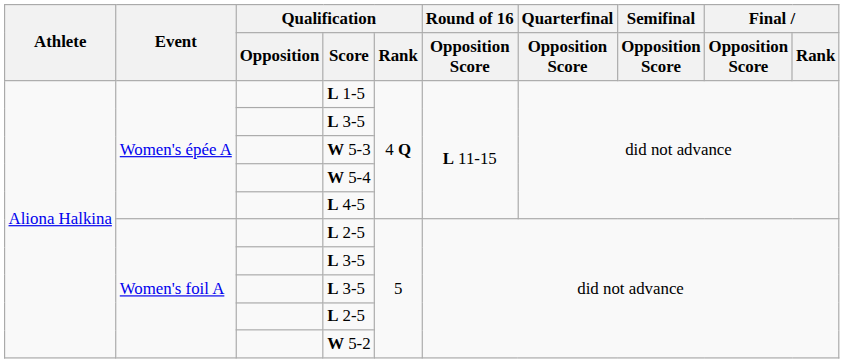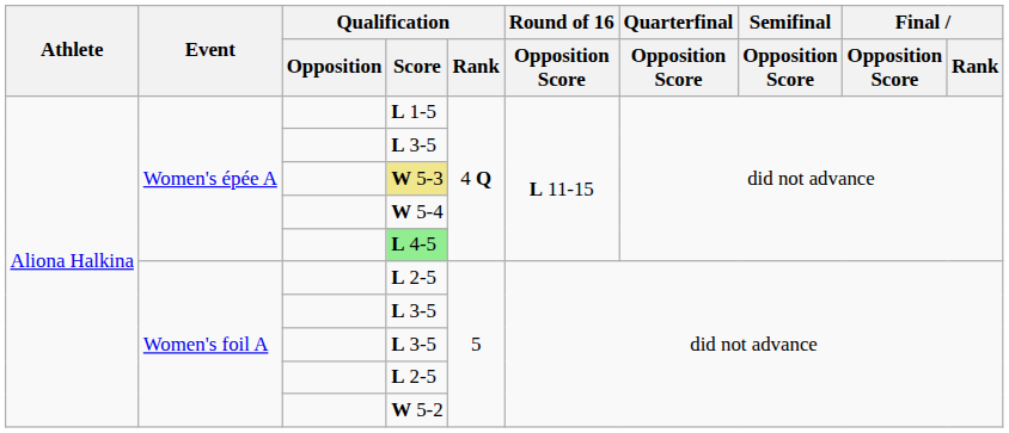 <table class=wikitable style="font-size:90%">
 <tr>
 <th rowspan="2">Athlete</th>
 <th rowspan="2">Event</th>
 <th colspan="3">Qualification</th>
 <th>Round of 16</th>
 <th>Quarterfinal</th>
 <th>Semifinal</th>
 <th colspan="2">Final / </th>
 </tr>
 <tr>
 <th>Opposition</th>
 <th>Score</th>
 <th>Rank</th>
 <th>Opposition<br>Score</th>
 <th>Opposition<br>Score</th>
 <th>Opposition<br>Score</th>
 <th>Opposition<br>Score</th>
 <th>Rank</th>
 </tr>
 <tr>
 <td rowspan=10><a href='#'>Aliona Halkina</a></td>
 <td rowspan=5><a href='#'>Women's épée A</a></td>
 <td></td>
 <td><strong>L</strong> 1-5</td>
 <td align="center" rowspan=5>4 <strong>Q</strong></td>
 <td align="center" rowspan=5><br><strong>L</strong> 11-15</td>
 <td align="center" rowspan=5 colspan=4>did not advance</td>
 </tr>
 <tr>
 <td></td>
 <td><strong>L</strong> 3-5</td>
 </tr>
 <tr>
 <td></td>
-<td><strong>W</strong> 5-3</td>
+<td style="background: khaki;"><strong>W</strong> 5-3</td>
 </tr>
 <tr>
 <td></td>
 <td><strong>W</strong> 5-4</td>
 </tr>
 <tr>
 <td></td>
-<td><strong>L</strong> 4-5</td>
+<td style="background: lightgreen;"><strong>L</strong> 4-5</td>
 </tr>
 <tr>
 <td rowspan=5><a href='#'>Women's foil A</a></td>
 <td></td>
 <td><strong>L</strong> 2-5</td>
 <td align="center" rowspan=5>5</td>
 <td align="center" rowspan=5 colspan=5>did not advance</td>
 </tr>
 <tr>
 <td></td>
 <td><strong>L</strong> 3-5</td>
 </tr>
 <tr>
 <td></td>
 <td><strong>L</strong> 3-5</td>
 </tr>
 <tr>
 <td></td>
 <td><strong>L</strong> 2-5</td>
 </tr>
 <tr>
 <td></td>
 <td><strong>W</strong> 5-2</td>
 </tr>
 </table>
